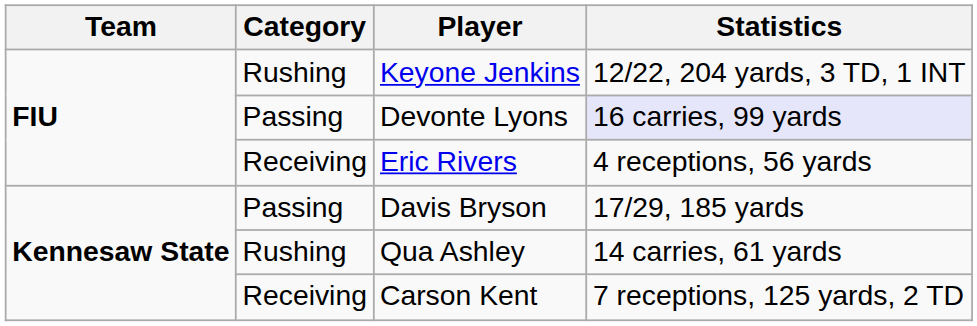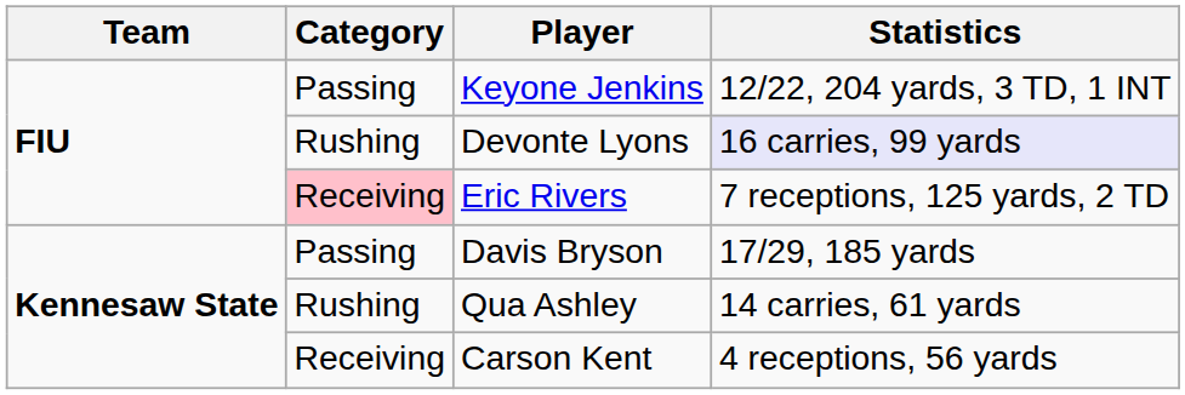 <table class="wikitable" style="float: right;">
 <tr>
 <th>Team</th>
 <th>Category</th>
 <th>Player</th>
 <th>Statistics</th>
 </tr>
 <tr>
 <td rowspan=3><strong>FIU</strong></td>
-<td>Rushing</td>
+<td>Passing</td>
 <td><a href='#'>Keyone Jenkins</a></td>
 <td>12/22, 204 yards, 3 TD, 1 INT</td>
 </tr>
 <tr>
-<td>Passing</td>
+<td>Rushing</td>
 <td>Devonte Lyons</td>
 <td style="background: lavender;">16 carries, 99 yards</td>
 </tr>
 <tr>
-<td>Receiving</td>
+<td style="background: pink;">Receiving</td>
 <td><a href='#'>Eric Rivers</a></td>
-<td>4 receptions, 56 yards</td>
+<td>7 receptions, 125 yards, 2 TD</td>
 </tr>
 <tr>
 <td rowspan=3><strong>Kennesaw State</strong></td>
 <td>Passing</td>
 <td>Davis Bryson</td>
 <td>17/29, 185 yards</td>
 </tr>
 <tr>
 <td>Rushing</td>
 <td>Qua Ashley</td>
 <td>14 carries, 61 yards</td>
 </tr>
 <tr>
 <td>Receiving</td>
 <td>Carson Kent</td>
-<td>7 receptions, 125 yards, 2 TD</td>
+<td>4 receptions, 56 yards</td>
 </tr>
 </table>
